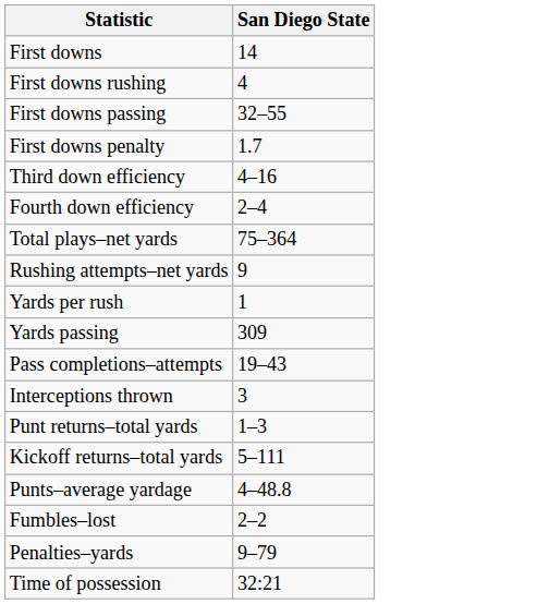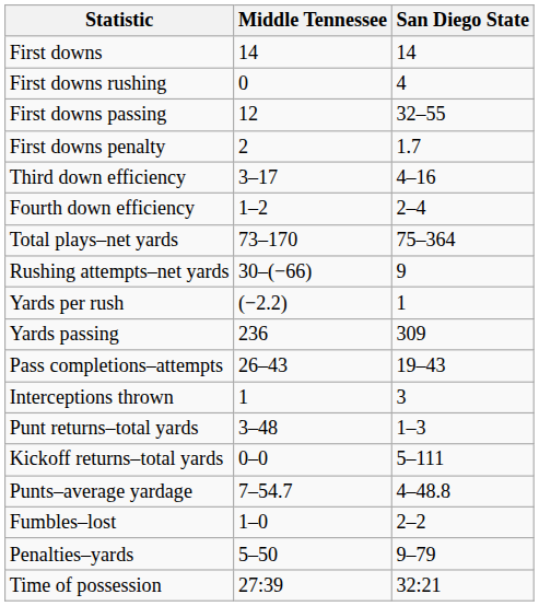 <table class="wikitable">
 <tr>
 <th>Statistic</th>
+<th><strong>Middle Tennessee</strong></th>
 <th><strong>San Diego State</strong></th>
 </tr>
 <tr>
 <td>First downs</td>
 <td>14</td>
+<td>14</td>
 </tr>
 <tr>
 <td>First downs rushing</td>
+<td>0</td>
 <td>4</td>
 </tr>
 <tr>
 <td>First downs passing</td>
+<td>12</td>
 <td>32–55</td>
 </tr>
 <tr>
 <td>First downs penalty</td>
+<td>2</td>
 <td>1.7</td>
 </tr>
 <tr>
 <td>Third down efficiency</td>
+<td>3–17</td>
 <td>4–16</td>
 </tr>
 <tr>
 <td>Fourth down efficiency</td>
+<td>1–2</td>
 <td>2–4</td>
 </tr>
 <tr>
 <td>Total plays–net yards</td>
+<td>73–170</td>
 <td>75–364</td>
 </tr>
 <tr>
 <td>Rushing attempts–net yards</td>
+<td>30–(−66)</td>
 <td>9</td>
 </tr>
 <tr>
 <td>Yards per rush</td>
+<td>(−2.2)</td>
 <td>1</td>
 </tr>
 <tr>
 <td>Yards passing</td>
+<td>236</td>
 <td>309</td>
 </tr>
 <tr>
 <td>Pass completions–attempts</td>
+<td>26–43</td>
 <td>19–43</td>
 </tr>
 <tr>
 <td>Interceptions thrown</td>
+<td>1</td>
 <td>3</td>
 </tr>
 <tr>
 <td>Punt returns–total yards</td>
+<td>3–48</td>
 <td>1–3</td>
 </tr>
 <tr>
 <td>Kickoff returns–total yards</td>
+<td>0–0</td>
 <td>5–111</td>
 </tr>
 <tr>
 <td>Punts–average yardage</td>
+<td>7–54.7</td>
 <td>4–48.8</td>
 </tr>
 <tr>
 <td>Fumbles–lost</td>
+<td>1–0</td>
 <td>2–2</td>
 </tr>
 <tr>
 <td>Penalties–yards</td>
+<td>5–50</td>
 <td>9–79</td>
 </tr>
 <tr>
 <td>Time of possession</td>
+<td>27:39</td>
 <td>32:21</td>
 </tr>
 </table>
